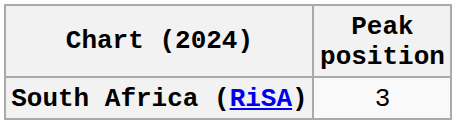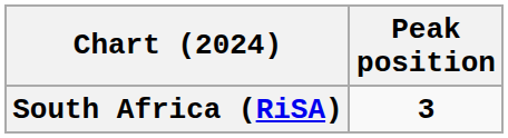 <table class="wikitable sortable plainrowheaders" style="text-align:center">
 <tr>
 <th scope="col">Chart (2024)</th>
 <th scope="col">Peak<br>position</th>
 </tr>
 <tr>
 <th scope="row">South Africa (<a href='#'>RiSA</a>)</th>
-<td>3</td>
+<td><strong>3</strong></td>
 </tr>
 </table>
